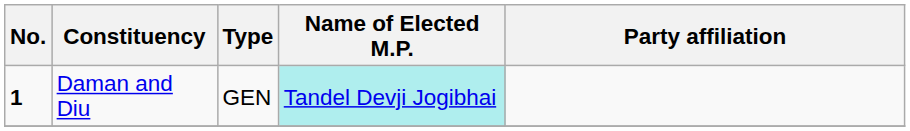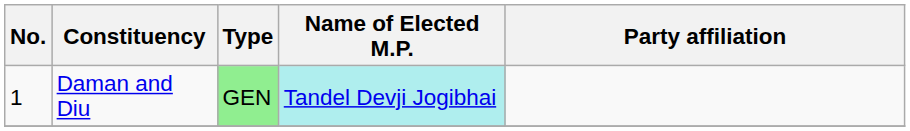 <table class="wikitable" style="font-size:95%;">
 <tr>
 <th>No.</th>
 <th>Constituency</th>
 <th>Type</th>
 <th>Name of Elected M.P.</th>
 <th colspan="2" style="width:18em">Party affiliation</th>
 </tr>
 <tr>
-<td><strong>1</strong></td>
+<td>1</td>
 <td><a href='#'>Daman and Diu</a></td>
-<td>GEN</td>
+<td style="background: lightgreen;">GEN</td>
 <td style="background: paleturquoise;"><a href='#'>Tandel Devji Jogibhai</a></td>
 <td></td>
 </tr>
 <tr>
 </tr>
 </table>
